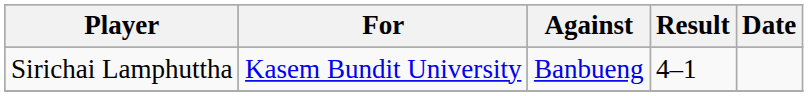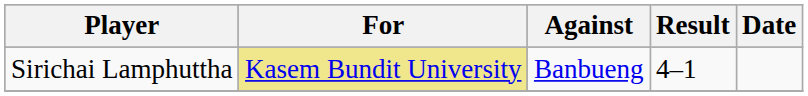 <table class="wikitable sortable">
 <tr>
 <th>Player</th>
 <th>For</th>
 <th>Against</th>
 <th align=center>Result</th>
 <th>Date</th>
 </tr>
 <tr>
 <td> Sirichai Lamphuttha</td>
-<td><a href='#'>Kasem Bundit University</a></td>
+<td style="background: khaki;"><a href='#'>Kasem Bundit University</a></td>
 <td><a href='#'>Banbueng</a></td>
 <td>4–1</td>
 <td></td>
 </tr>
 <tr>
 </tr>
 </table>
